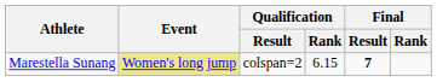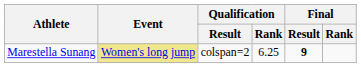 <table class=wikitable  style="font-size:90%">
 <tr>
 <th rowspan=2>Athlete</th>
 <th rowspan=2>Event</th>
 <th colspan=2>Qualification</th>
 <th colspan=2>Final</th>
 </tr>
 <tr>
 <th>Result</th>
 <th>Rank</th>
 <th>Result</th>
 <th>Rank</th>
 </tr>
 <tr>
 <td><a href='#'>Marestella Sunang</a></td>
 <td align=center style="background: khaki;"><a href='#'>Women's long jump</a></td>
 <td>colspan=2 </td>
-<td align=center>6.15</td>
-<td align=center><strong>7</strong></td>
+<td align=center>6.25</td>
+<td align=center><strong>9</strong></td>
 </tr>
 </table>
